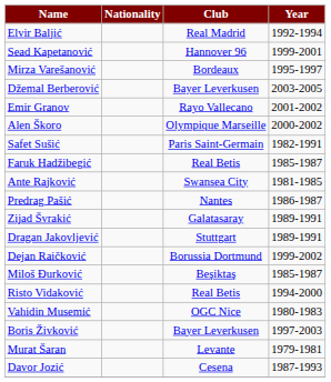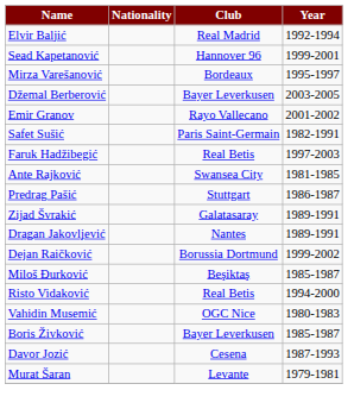 <table class="wikitable" style="text-align: center">
 <tr>
 <th style="color:#FFFFFF;background:#800000;">Name</th>
 <th style="color:#FFFFFF;background:#800000;">Nationality</th>
 <th style="color:#FFFFFF;background:#800000;">Club</th>
 <th style="color:#FFFFFF;background:#800000;">Year</th>
 </tr>
 <tr>
 <td align="left"><a href='#'>Elvir Baljić</a></td>
 <td></td>
 <td><a href='#'>Real Madrid</a></td>
 <td>1992-1994</td>
 </tr>
 <tr>
 <td align="left"><a href='#'>Sead Kapetanović</a></td>
 <td></td>
 <td><a href='#'>Hannover 96</a></td>
 <td>1999-2001</td>
 </tr>
 <tr>
 <td align="left"><a href='#'>Mirza Varešanović</a></td>
 <td></td>
 <td><a href='#'>Bordeaux</a></td>
 <td>1995-1997</td>
 </tr>
 <tr>
 <td align="left"><a href='#'>Džemal Berberović</a></td>
 <td></td>
 <td><a href='#'>Bayer Leverkusen</a></td>
 <td>2003-2005</td>
 </tr>
 <tr>
 <td align="left"><a href='#'>Emir Granov</a></td>
 <td></td>
 <td><a href='#'>Rayo Vallecano</a></td>
 <td>2001-2002</td>
 </tr>
 <tr>
-<td align="left"><a href='#'>Alen Škoro</a></td>
-<td></td>
-<td><a href='#'>Olympique Marseille</a></td>
-<td>2000-2002</td>
-</tr>
-<tr>
 <td align="left"><a href='#'>Safet Sušić</a></td>
 <td></td>
 <td><a href='#'>Paris Saint-Germain</a></td>
 <td>1982-1991</td>
 </tr>
 <tr>
 <td align="left"><a href='#'>Faruk Hadžibegić</a></td>
 <td></td>
 <td><a href='#'>Real Betis</a></td>
-<td>1985-1987</td>
+<td>1997-2003</td>
 </tr>
 <tr>
 <td align="left"><a href='#'>Ante Rajković</a></td>
 <td></td>
 <td><a href='#'>Swansea City</a></td>
 <td>1981-1985</td>
 </tr>
 <tr>
 <td align="left"><a href='#'>Predrag Pašić</a></td>
 <td></td>
-<td><a href='#'>Nantes</a></td>
+<td><a href='#'>Stuttgart</a></td>
 <td>1986-1987</td>
 </tr>
 <tr>
 <td align="left"><a href='#'>Zijad Švrakić</a></td>
 <td></td>
 <td><a href='#'>Galatasaray</a></td>
 <td>1989-1991</td>
 </tr>
 <tr>
 <td align="left"><a href='#'>Dragan Jakovljević</a></td>
 <td></td>
-<td><a href='#'>Stuttgart</a></td>
+<td><a href='#'>Nantes</a></td>
 <td>1989-1991</td>
 </tr>
 <tr>
 <td align="left"><a href='#'>Dejan Raičković</a></td>
 <td></td>
 <td><a href='#'>Borussia Dortmund</a></td>
 <td>1999-2002</td>
 </tr>
 <tr>
 <td align="left"><a href='#'>Miloš Đurković</a></td>
 <td></td>
 <td><a href='#'>Beşiktaş</a></td>
 <td>1985-1987</td>
 </tr>
 <tr>
 <td align="left"><a href='#'>Risto Vidaković</a></td>
 <td></td>
 <td><a href='#'>Real Betis</a></td>
 <td>1994-2000</td>
 </tr>
 <tr>
 <td align="left"><a href='#'>Vahidin Musemić</a></td>
 <td></td>
 <td><a href='#'>OGC Nice</a></td>
 <td>1980-1983</td>
 </tr>
 <tr>
 <td align="left"><a href='#'>Boris Živković</a></td>
 <td></td>
 <td><a href='#'>Bayer Leverkusen</a></td>
-<td>1997-2003</td>
+<td>1985-1987</td>
+</tr>
+<tr>
+<td align="left"><a href='#'>Davor Jozić</a></td>
+<td></td>
+<td><a href='#'>Cesena</a></td>
+<td>1987-1993</td>
 </tr>
 <tr>
 <td align="left"><a href='#'>Murat Šaran</a></td>
 <td></td>
 <td><a href='#'>Levante</a></td>
 <td>1979-1981</td>
 </tr>
 <tr>
-<td align="left"><a href='#'>Davor Jozić</a></td>
-<td></td>
-<td><a href='#'>Cesena</a></td>
-<td>1987-1993</td>
-</tr>
-<tr>
 </tr>
 </table>
